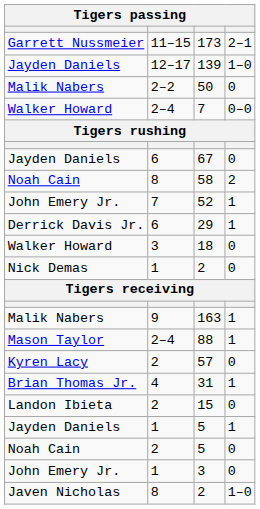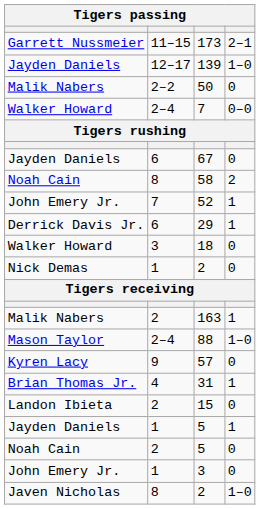 <table class="wikitable plainrowheaders">
 <tr>
 <th colspan="6">Tigers passing</th>
 </tr>
 <tr>
 <th scope="col"></th>
 <th scope="col"></th>
 <th scope="col"></th>
 <th scope="col"></th>
 </tr>
 <tr>
 <td><a href='#'>Garrett Nussmeier</a></td>
 <td>11–15</td>
 <td>173</td>
 <td>2–1</td>
 </tr>
 <tr>
 <td><a href='#'>Jayden Daniels</a></td>
 <td>12–17</td>
 <td>139</td>
 <td>1–0</td>
 </tr>
 <tr>
 <td><a href='#'>Malik Nabers</a></td>
 <td>2–2</td>
 <td>50</td>
 <td>0</td>
 </tr>
 <tr>
 <td><a href='#'>Walker Howard</a></td>
 <td>2–4</td>
 <td>7</td>
 <td>0–0</td>
 </tr>
 <tr>
 <th colspan="6">Tigers rushing</th>
 </tr>
 <tr>
 <th scope="col"></th>
 <th scope="col"></th>
 <th scope="col"></th>
 <th scope="col"></th>
 </tr>
 <tr>
 <td>Jayden Daniels</td>
 <td>6</td>
 <td>67</td>
 <td>0</td>
 </tr>
 <tr>
 <td><a href='#'>Noah Cain</a></td>
 <td>8</td>
 <td>58</td>
 <td>2</td>
 </tr>
 <tr>
 <td>John Emery Jr.</td>
 <td>7</td>
 <td>52</td>
 <td>1</td>
 </tr>
 <tr>
 <td>Derrick Davis Jr.</td>
 <td>6</td>
 <td>29</td>
 <td>1</td>
 </tr>
 <tr>
 <td>Walker Howard</td>
 <td>3</td>
 <td>18</td>
 <td>0</td>
 </tr>
 <tr>
 <td>Nick Demas</td>
 <td>1</td>
 <td>2</td>
 <td>0</td>
 </tr>
 <tr>
 <th colspan="6">Tigers receiving</th>
 </tr>
 <tr>
 <th scope="col"></th>
 <th scope="col"></th>
 <th scope="col"></th>
 <th scope="col"></th>
 </tr>
 <tr>
 <td>Malik Nabers</td>
-<td>9</td>
+<td>2</td>
 <td>163</td>
 <td>1</td>
 </tr>
 <tr>
 <td><a href='#'>Mason Taylor</a></td>
 <td>2–4</td>
 <td>88</td>
-<td>1</td>
+<td>1–0</td>
 </tr>
 <tr>
 <td><a href='#'>Kyren Lacy</a></td>
-<td>2</td>
+<td>9</td>
 <td>57</td>
 <td>0</td>
 </tr>
 <tr>
 <td><a href='#'>Brian Thomas Jr.</a></td>
 <td>4</td>
 <td>31</td>
 <td>1</td>
 </tr>
 <tr>
 <td>Landon Ibieta</td>
 <td>2</td>
 <td>15</td>
 <td>0</td>
 </tr>
 <tr>
 <td>Jayden Daniels</td>
 <td>1</td>
 <td>5</td>
 <td>1</td>
 </tr>
 <tr>
 <td>Noah Cain</td>
 <td>2</td>
 <td>5</td>
 <td>0</td>
 </tr>
 <tr>
 <td>John Emery Jr.</td>
 <td>1</td>
 <td>3</td>
 <td>0</td>
 </tr>
 <tr>
 <td>Javen Nicholas</td>
 <td>8</td>
 <td>2</td>
 <td>1–0</td>
 </tr>
 </table>
